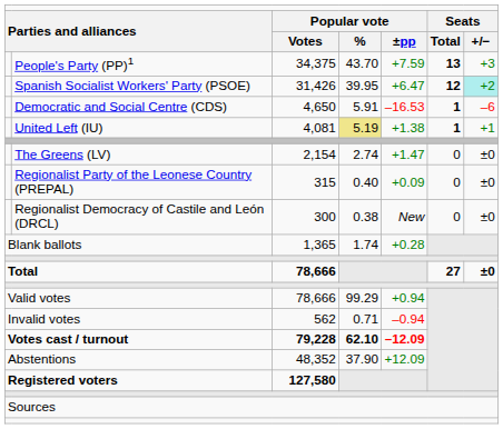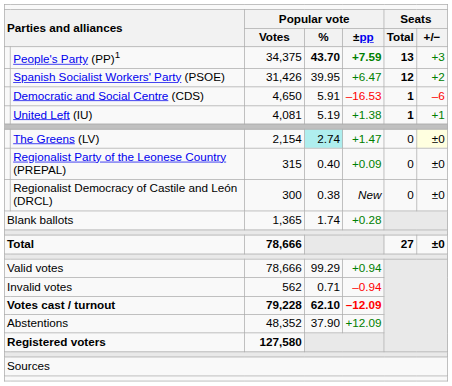 <table class="wikitable" style="text-align:right;">
 <tr>
 <td colspan="7"></td>
 </tr>
 <tr>
 <th style="text-align:left;" rowspan="2" colspan="2" width="525">Parties and alliances</th>
 <th colspan="3">Popular vote</th>
 <th colspan="2">Seats</th>
 </tr>
 <tr>
 <th width="75">Votes</th>
 <th width="45">%</th>
 <th width="45">±<a href='#'>pp</a></th>
 <th width="35">Total</th>
 <th width="35">+/−</th>
 </tr>
 <tr>
 <td width="1" style="color:inherit;background:"></td>
 <td align="left"><a href='#'>People's Party</a> (PP)<sup>1</sup></td>
 <td>34,375</td>
-<td>43.70</td>
-<td style="color:green;">+7.59</td>
+<td><strong>43.70</strong></td>
+<td style="color:green;"><strong>+7.59</strong></td>
 <td><strong>13</strong></td>
 <td style="color:green;">+3</td>
 </tr>
 <tr>
 <td style="color:inherit;background:"></td>
 <td align="left"><a href='#'>Spanish Socialist Workers' Party</a> (PSOE)</td>
 <td>31,426</td>
 <td>39.95</td>
 <td style="color:green;">+6.47</td>
 <td><strong>12</strong></td>
-<td style="background: paleturquoise; color:green;">+2</td>
+<td style="color:green;">+2</td>
 </tr>
 <tr>
 <td style="color:inherit;background:"></td>
 <td align="left"><a href='#'>Democratic and Social Centre</a> (CDS)</td>
 <td>4,650</td>
 <td>5.91</td>
 <td style="color:red;">–16.53</td>
 <td><strong>1</strong></td>
 <td style="color:red;">–6</td>
 </tr>
 <tr>
 <td style="color:inherit;background:"></td>
 <td align="left"><a href='#'>United Left</a> (IU)</td>
 <td>4,081</td>
-<td style="background: khaki;">5.19</td>
+<td>5.19</td>
 <td style="color:green;">+1.38</td>
 <td><strong>1</strong></td>
 <td style="color:green;">+1</td>
 </tr>
 <tr>
 <td colspan="7" bgcolor="#C0C0C0"></td>
 </tr>
 <tr>
 <td style="color:inherit;background:"></td>
 <td align="left"><a href='#'>The Greens</a> (LV)</td>
 <td>2,154</td>
-<td>2.74</td>
+<td style="background: paleturquoise;">2.74</td>
 <td style="color:green;">+1.47</td>
 <td>0</td>
-<td>±0</td>
+<td style="background: lightyellow;">±0</td>
 </tr>
 <tr>
 <td style="color:inherit;background:"></td>
 <td align="left"><a href='#'>Regionalist Party of the Leonese Country</a> (PREPAL)</td>
 <td>315</td>
 <td>0.40</td>
 <td style="color:green;">+0.09</td>
 <td>0</td>
 <td>±0</td>
 </tr>
 <tr>
 <td style="color:inherit;background:"></td>
 <td align="left">Regionalist Democracy of Castile and León (DRCL)</td>
 <td>300</td>
 <td>0.38</td>
 <td><em>New</em></td>
 <td>0</td>
 <td>±0</td>
 </tr>
 <tr>
 <td align="left" colspan="2">Blank ballots</td>
 <td>1,365</td>
 <td>1.74</td>
 <td style="color:green;">+0.28</td>
 <td bgcolor="#E9E9E9" colspan="2"></td>
 </tr>
 <tr>
 <td colspan="7" bgcolor="#E9E9E9"></td>
 </tr>
 <tr style="font-weight:bold;">
 <td align="left" colspan="2">Total</td>
 <td>78,666</td>
 <td bgcolor="#E9E9E9" colspan="2"></td>
 <td>27</td>
 <td>±0</td>
 </tr>
 <tr>
 <td colspan="7" bgcolor="#E9E9E9"></td>
 </tr>
 <tr>
 <td align="left" colspan="2">Valid votes</td>
 <td>78,666</td>
 <td>99.29</td>
 <td style="color:green;">+0.94</td>
 <td bgcolor="#E9E9E9" colspan="2" rowspan="5"></td>
 </tr>
 <tr>
 <td align="left" colspan="2">Invalid votes</td>
 <td>562</td>
 <td>0.71</td>
 <td style="color:red;">–0.94</td>
 </tr>
 <tr style="font-weight:bold;">
 <td align="left" colspan="2">Votes cast / turnout</td>
 <td>79,228</td>
 <td>62.10</td>
 <td style="color:red;">–12.09</td>
 </tr>
 <tr>
 <td align="left" colspan="2">Abstentions</td>
 <td>48,352</td>
 <td>37.90</td>
 <td style="color:green;">+12.09</td>
 </tr>
 <tr style="font-weight:bold;">
 <td align="left" colspan="2">Registered voters</td>
 <td>127,580</td>
 <td bgcolor="#E9E9E9" colspan="2"></td>
 </tr>
 <tr>
 <td colspan="7" bgcolor="#E9E9E9"></td>
 </tr>
 <tr>
 <td align="left" colspan="7">Sources</td>
 </tr>
 <tr>
 <td colspan="7" style="text-align:left; max-width:790px;"></td>
 </tr>
 </table>
